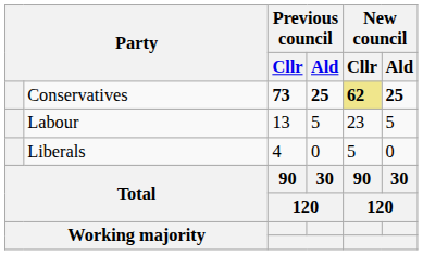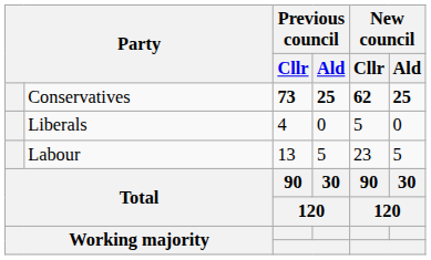 <table class="wikitable">
 <tr>
 <th colspan="2" rowspan="2" style="width: 230px">Party</th>
 <th valign=top colspan="2" style="width: 30px">Previous council</th>
 <th valign=top colspan="2" style="width: 30px">New council</th>
 </tr>
 <tr>
 <th><a href='#'>Cllr</a></th>
 <th><a href='#'>Ald</a></th>
 <th>Cllr</th>
 <th>Ald</th>
 </tr>
 <tr>
 <th style="background-color: "></th>
 <td>Conservatives</td>
 <td><strong>73</strong></td>
 <td><strong>25</strong></td>
-<td style="background: khaki;"><strong>62</strong></td>
+<td><strong>62</strong></td>
 <td><strong>25</strong></td>
+</tr>
+<tr>
+<th style="background-color: "></th>
+<td>Liberals</td>
+<td>4</td>
+<td>0</td>
+<td>5</td>
+<td>0</td>
 </tr>
 <tr>
 <th style="background-color: "></th>
 <td>Labour</td>
 <td>13</td>
 <td>5</td>
 <td>23</td>
 <td>5</td>
-</tr>
-<tr>
-<th style="background-color: "></th>
-<td>Liberals</td>
-<td>4</td>
-<td>0</td>
-<td>5</td>
-<td>0</td>
 </tr>
 <tr>
 <th colspan="2" rowspan="2">Total</th>
 <th style="text-align: center">90</th>
 <th style="text-align: center">30</th>
 <th style="text-align: center">90</th>
 <th style="text-align: center">30</th>
 </tr>
 <tr>
 <th colspan="2" style="text-align: center">120</th>
 <th colspan="2" style="text-align: center">120</th>
 </tr>
 <tr>
 <th colspan="2" rowspan="2">Working majority</th>
 <th></th>
 <th></th>
 <th></th>
 <th></th>
 </tr>
 <tr>
 <th colspan="2"></th>
 <th colspan="2"></th>
 </tr>
 </table>
